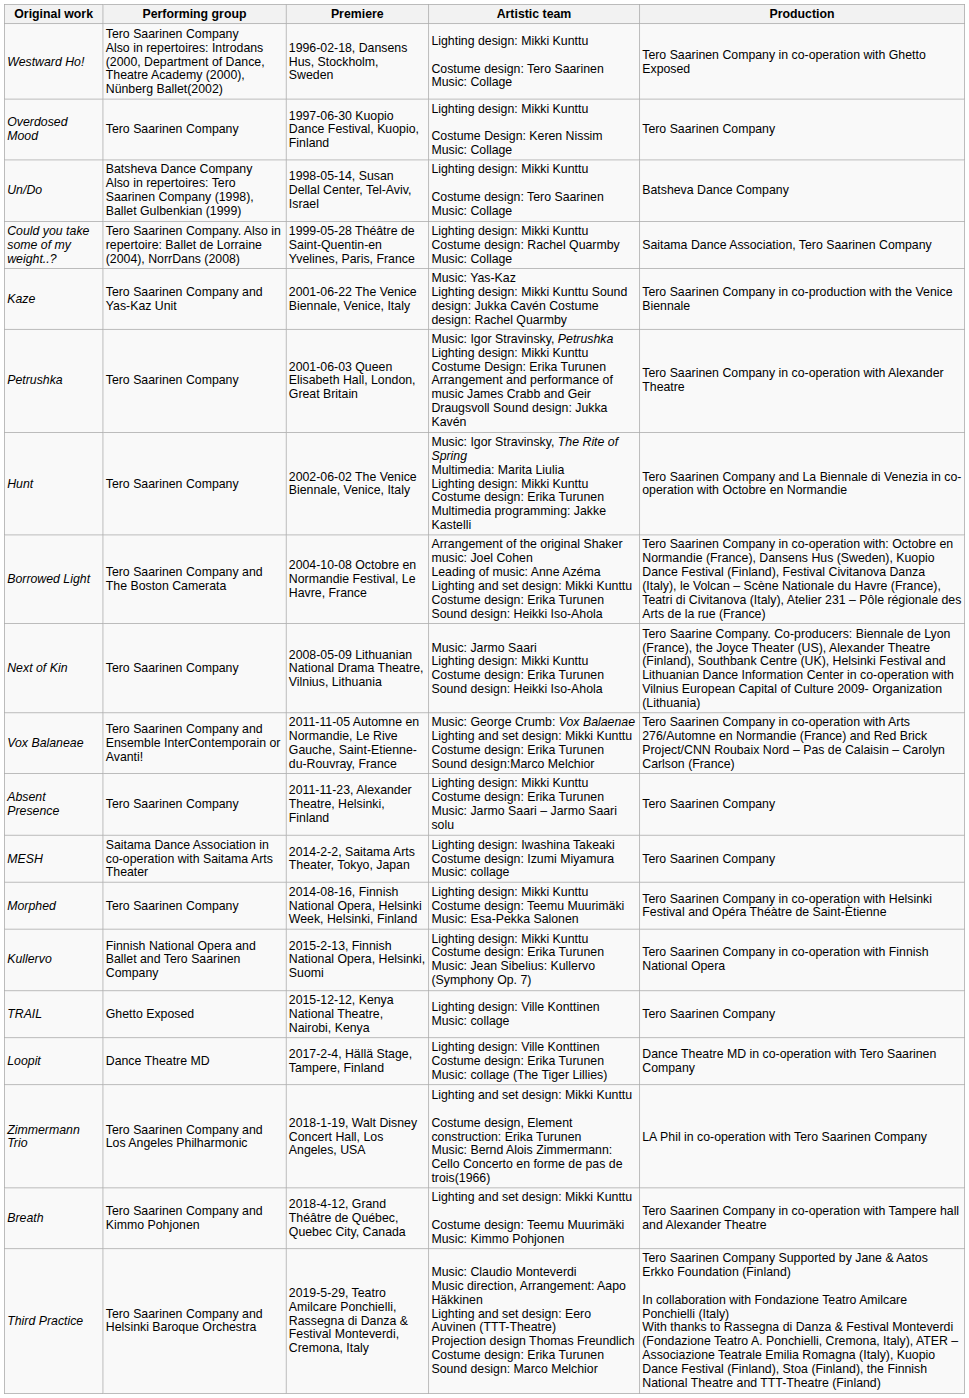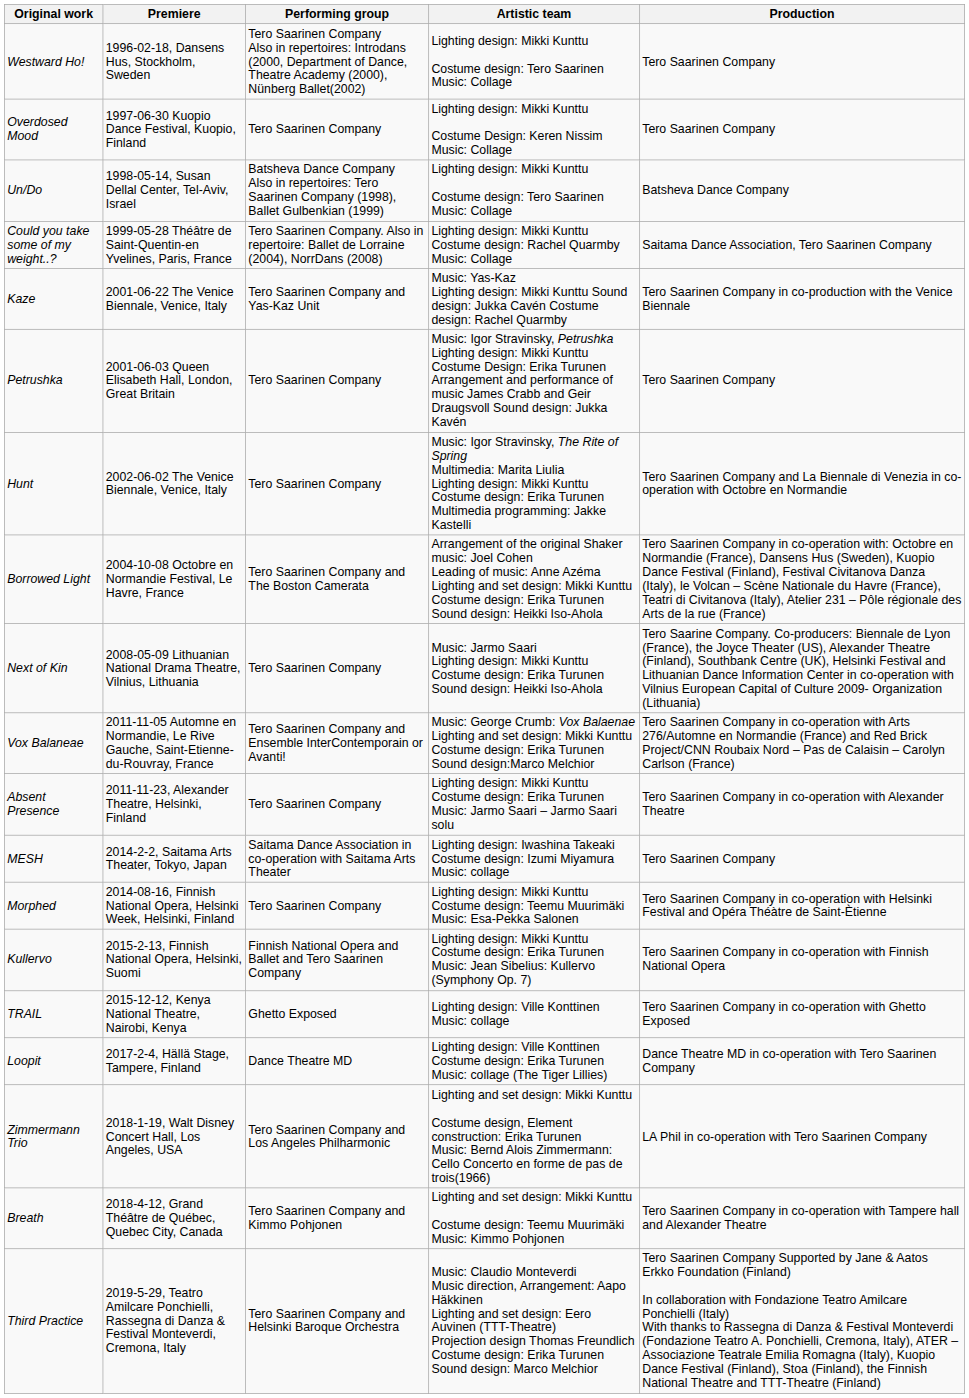 <table class="wikitable">
 <tr>
 <th>Original work</th>
+<th>Premiere</th>
 <th>Performing group</th>
-<th>Premiere</th>
 <th>Artistic team</th>
 <th>Production</th>
 </tr>
 <tr>
 <td><em>Westward Ho!</em></td>
+<td>1996-02-18, Dansens Hus, Stockholm, Sweden</td>
 <td>Tero Saarinen Company<br>Also in repertoires: Introdans (2000, Department of Dance, Theatre Academy (2000), Nünberg Ballet(2002)</td>
-<td>1996-02-18, Dansens Hus, Stockholm, Sweden</td>
 <td>Lighting design: Mikki Kunttu<br><br>Costume design: Tero Saarinen<br> Music: Collage</td>
-<td>Tero Saarinen Company in co-operation with Ghetto Exposed</td>
+<td>Tero Saarinen Company</td>
 </tr>
 <tr>
 <td><em>Overdosed Mood</em></td>
+<td>1997-06-30 Kuopio Dance Festival, Kuopio, Finland</td>
 <td>Tero Saarinen Company</td>
-<td>1997-06-30 Kuopio Dance Festival, Kuopio, Finland</td>
 <td>Lighting design: Mikki Kunttu<br><br>Costume Design: Keren Nissim<br> Music: Collage</td>
 <td>Tero Saarinen Company</td>
 </tr>
 <tr>
 <td><em>Un/Do</em></td>
+<td>1998-05-14, Susan Dellal Center, Tel-Aviv, Israel</td>
 <td>Batsheva Dance Company<br>Also in repertoires: Tero Saarinen Company (1998), Ballet Gulbenkian (1999)</td>
-<td>1998-05-14, Susan Dellal Center, Tel-Aviv, Israel</td>
 <td>Lighting design: Mikki Kunttu<br><br>Costume design: Tero Saarinen<br> Music: Collage</td>
 <td>Batsheva Dance Company</td>
 </tr>
 <tr>
 <td><em>Could you take some of my weight..?</em></td>
+<td>1999-05-28 Théâtre de Saint-Quentin-en Yvelines, Paris, France</td>
 <td>Tero Saarinen Company. Also in repertoire: Ballet de Lorraine (2004), NorrDans (2008)</td>
-<td>1999-05-28 Théâtre de Saint-Quentin-en Yvelines, Paris, France</td>
 <td>Lighting design: Mikki Kunttu<br>Costume design: Rachel Quarmby<br> Music: Collage</td>
 <td>Saitama Dance Association, Tero Saarinen Company</td>
 </tr>
 <tr>
 <td><em>Kaze</em></td>
+<td>2001-06-22 The Venice Biennale, Venice, Italy</td>
 <td>Tero Saarinen Company and Yas-Kaz Unit</td>
-<td>2001-06-22 The Venice Biennale, Venice, Italy</td>
 <td>Music: Yas-Kaz<br>Lighting design: Mikki Kunttu Sound design: Jukka Cavén Costume design: Rachel Quarmby</td>
 <td>Tero Saarinen Company in co-production with the Venice Biennale</td>
 </tr>
 <tr>
 <td><em>Petrushka</em></td>
+<td>2001-06-03 Queen Elisabeth Hall, London, Great Britain</td>
 <td>Tero Saarinen Company</td>
-<td>2001-06-03 Queen Elisabeth Hall, London, Great Britain</td>
 <td>Music: Igor Stravinsky, <em>Petrushka</em><br>Lighting design: Mikki Kunttu Costume Design: Erika Turunen Arrangement and performance of music James Crabb and Geir Draugsvoll Sound design: Jukka Kavén</td>
-<td>Tero Saarinen Company in co-operation with Alexander Theatre</td>
+<td>Tero Saarinen Company</td>
 </tr>
 <tr>
 <td><em>Hunt</em></td>
+<td>2002-06-02 The Venice Biennale, Venice, Italy</td>
 <td>Tero Saarinen Company</td>
-<td>2002-06-02 The Venice Biennale, Venice, Italy</td>
 <td>Music: Igor Stravinsky, <em>The Rite of Spring</em><br>Multimedia: Marita Liulia<br> Lighting design: Mikki Kunttu Costume design: Erika Turunen<br> Multimedia programming: Jakke Kastelli</td>
 <td>Tero Saarinen Company and La Biennale di Venezia in co-operation with Octobre en Normandie</td>
 </tr>
 <tr>
 <td><em>Borrowed Light</em></td>
+<td>2004-10-08 Octobre en Normandie Festival, Le Havre, France</td>
 <td>Tero Saarinen Company and The Boston Camerata</td>
-<td>2004-10-08 Octobre en Normandie Festival, Le Havre, France</td>
 <td>Arrangement of the original Shaker music: Joel Cohen<br>Leading of music: Anne Azéma<br> Lighting and set design: Mikki Kunttu Costume design: Erika Turunen<br> Sound design: Heikki Iso-Ahola</td>
 <td>Tero Saarinen Company in co-operation with: Octobre en Normandie (France), Dansens Hus (Sweden), Kuopio Dance Festival (Finland), Festival Civitanova Danza (Italy), le Volcan – Scène Nationale du Havre (France), Teatri di Civitanova (Italy), Atelier 231 – Pôle régionale des Arts de la rue (France)</td>
 </tr>
 <tr>
 <td><em>Next of Kin</em></td>
+<td>2008-05-09 Lithuanian National Drama Theatre, Vilnius, Lithuania</td>
 <td>Tero Saarinen Company</td>
-<td>2008-05-09 Lithuanian National Drama Theatre, Vilnius, Lithuania</td>
 <td>Music: Jarmo Saari<br>Lighting design: Mikki Kunttu Costume design: Erika Turunen<br> Sound design: Heikki Iso-Ahola</td>
 <td>Tero Saarine Company. Co-producers: Biennale de Lyon (France), the Joyce Theater (US), Alexander Theatre (Finland), Southbank Centre (UK), Helsinki Festival and Lithuanian Dance Information Center in co-operation with Vilnius European Capital of Culture 2009- Organization  (Lithuania)</td>
 </tr>
 <tr>
 <td><em>Vox Balaneae</em></td>
+<td>2011-11-05 Automne en Normandie, Le Rive Gauche, Saint-Etienne-du-Rouvray, France</td>
 <td>Tero Saarinen Company and Ensemble InterContemporain or Avanti!</td>
-<td>2011-11-05 Automne en Normandie, Le Rive Gauche, Saint-Etienne-du-Rouvray, France</td>
 <td>Music: George Crumb: <em>Vox Balaenae</em><br>Lighting and set design: Mikki Kunttu Costume design: Erika Turunen<br> Sound design:Marco Melchior</td>
 <td>Tero Saarinen Company in co-operation with Arts 276/Automne en Normandie (France) and Red Brick Project/CNN Roubaix Nord – Pas de Calaisin – Carolyn Carlson (France)</td>
 </tr>
 <tr>
 <td><em>Absent Presence</em></td>
+<td>2011-11-23, Alexander Theatre, Helsinki, Finland</td>
 <td>Tero Saarinen Company</td>
-<td>2011-11-23, Alexander Theatre, Helsinki, Finland</td>
 <td>Lighting design: Mikki Kunttu<br>Costume design: Erika Turunen<br> Music: Jarmo Saari – Jarmo Saari solu</td>
-<td>Tero Saarinen Company</td>
+<td>Tero Saarinen Company in co-operation with Alexander Theatre</td>
 </tr>
 <tr>
 <td><em>MESH</em></td>
+<td>2014-2-2, Saitama Arts Theater, Tokyo, Japan</td>
 <td>Saitama Dance Association in co-operation with  Saitama Arts Theater</td>
-<td>2014-2-2, Saitama Arts Theater, Tokyo, Japan</td>
 <td>Lighting design: Iwashina Takeaki<br>Costume design: Izumi Miyamura<br> Music: collage</td>
 <td>Tero Saarinen Company</td>
 </tr>
 <tr>
 <td><em>Morphed</em></td>
+<td>2014-08-16, Finnish National Opera, Helsinki Week, Helsinki, Finland</td>
 <td>Tero Saarinen Company</td>
-<td>2014-08-16, Finnish National Opera, Helsinki Week, Helsinki, Finland</td>
 <td>Lighting design: Mikki Kunttu<br>Costume design: Teemu Muurimäki Music: Esa-Pekka Salonen</td>
 <td>Tero Saarinen Company in co-operation with Helsinki Festival and Opéra Théàtre de Saint-Ètienne</td>
 </tr>
 <tr>
 <td><em>Kullervo</em></td>
+<td>2015-2-13, Finnish National Opera, Helsinki, Suomi</td>
 <td>Finnish National Opera and Ballet and Tero Saarinen Company</td>
-<td>2015-2-13, Finnish National Opera, Helsinki, Suomi</td>
 <td>Lighting design: Mikki Kunttu<br>Costume design: Erika Turunen<br> Music: Jean Sibelius: Kullervo (Symphony Op. 7)</td>
 <td>Tero Saarinen Company in co-operation with Finnish National Opera</td>
 </tr>
 <tr>
 <td><em>TRAIL</em></td>
+<td>2015-12-12, Kenya National Theatre, Nairobi, Kenya</td>
 <td>Ghetto Exposed</td>
-<td>2015-12-12, Kenya National Theatre, Nairobi, Kenya</td>
 <td>Lighting design: Ville Konttinen<br>Music: collage</td>
-<td>Tero Saarinen Company</td>
+<td>Tero Saarinen Company in co-operation with Ghetto Exposed</td>
 </tr>
 <tr>
 <td><em>Loopit</em></td>
+<td>2017-2-4, Hällä Stage, Tampere, Finland</td>
 <td>Dance Theatre MD</td>
-<td>2017-2-4, Hällä Stage, Tampere, Finland</td>
 <td>Lighting design: Ville Konttinen<br>Costume design: Erika Turunen<br> Music: collage (The Tiger Lillies)</td>
 <td>Dance Theatre MD in co-operation with Tero Saarinen Company</td>
 </tr>
 <tr>
 <td><em>Zimmermann Trio</em></td>
+<td>2018-1-19, Walt Disney Concert Hall, Los Angeles, USA</td>
 <td>Tero Saarinen Company and Los Angeles Philharmonic</td>
-<td>2018-1-19, Walt Disney Concert Hall, Los Angeles, USA</td>
 <td>Lighting and set design: Mikki Kunttu<br><br>Costume design, Element construction: Erika Turunen<br> Music: Bernd Alois Zimmermann: Cello Concerto en forme de pas de trois(1966)</td>
 <td>LA Phil in co-operation with Tero Saarinen Company</td>
 </tr>
 <tr>
 <td><em>Breath</em></td>
+<td>2018-4-12, Grand Théâtre de Québec, Quebec City, Canada</td>
 <td>Tero Saarinen Company and Kimmo Pohjonen</td>
-<td>2018-4-12, Grand Théâtre de Québec, Quebec City, Canada</td>
 <td>Lighting and set design: Mikki Kunttu<br><br>Costume design: Teemu Muurimäki<br> Music: Kimmo Pohjonen</td>
 <td>Tero Saarinen Company in co-operation with Tampere hall and Alexander Theatre</td>
 </tr>
 <tr>
 <td><em>Third Practice</em></td>
+<td>2019-5-29, Teatro Amilcare Ponchielli, Rassegna di Danza & Festival Monteverdi, Cremona, Italy</td>
 <td>Tero Saarinen Company and Helsinki Baroque Orchestra</td>
-<td>2019-5-29, Teatro Amilcare Ponchielli, Rassegna di Danza & Festival Monteverdi, Cremona, Italy</td>
 <td>Music: Claudio Monteverdi<br>Music direction, Arrangement: Aapo Häkkinen<br> Lighting and set design: Eero Auvinen (TTT-Theatre)<br> Projection design Thomas Freundlich<br> Costume design: Erika Turunen<br> Sound design: Marco Melchior</td>
 <td>Tero Saarinen Company Supported by Jane & Aatos Erkko Foundation (Finland)<br><br>In collaboration with Fondazione Teatro Amilcare Ponchielli (Italy)<br> With thanks to Rassegna di Danza & Festival Monteverdi (Fondazione Teatro A. Ponchielli, Cremona, Italy), ATER – Associazione Teatrale Emilia Romagna (Italy), Kuopio Dance Festival (Finland), Stoa (Finland), the Finnish National Theatre and TTT-Theatre (Finland)</td>
 </tr>
 </table>
